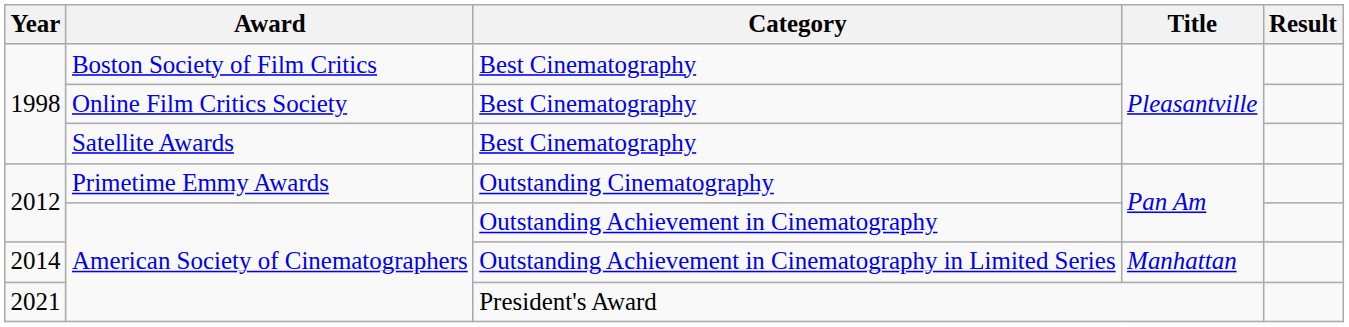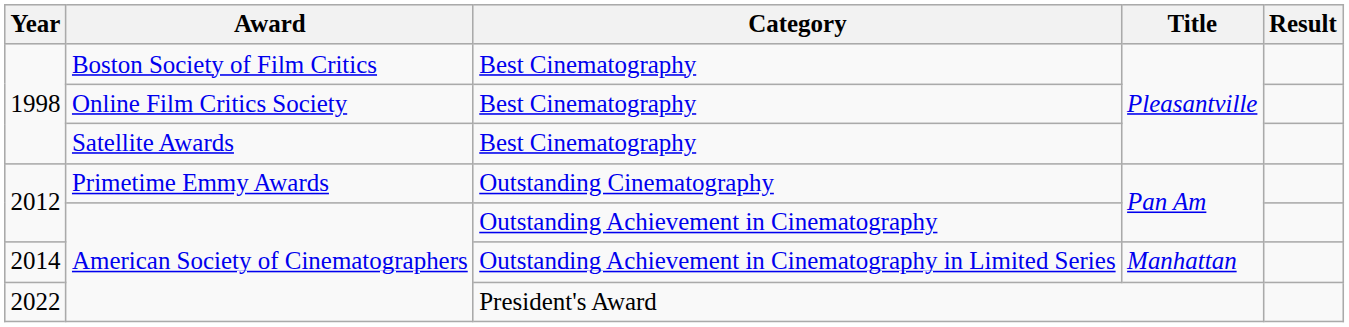 <table class="wikitable">
 <tr>
 <th>Year</th>
 <th>Award</th>
 <th>Category</th>
 <th>Title</th>
 <th>Result</th>
 </tr>
 <tr>
 <td rowspan=3>1998</td>
 <td><a href='#'>Boston Society of Film Critics</a></td>
 <td><a href='#'>Best Cinematography</a></td>
 <td rowspan=3><em><a href='#'>Pleasantville</a></em></td>
 <td></td>
 </tr>
 <tr>
 <td><a href='#'>Online Film Critics Society</a></td>
 <td><a href='#'>Best Cinematography</a></td>
 <td></td>
 </tr>
 <tr>
 <td><a href='#'>Satellite Awards</a></td>
 <td><a href='#'>Best Cinematography</a></td>
 <td></td>
 </tr>
 <tr>
 <td rowspan=2>2012</td>
 <td><a href='#'>Primetime Emmy Awards</a></td>
 <td><a href='#'>Outstanding Cinematography</a></td>
 <td rowspan=2><em><a href='#'>Pan Am</a></em></td>
 <td></td>
 </tr>
 <tr>
 <td rowspan=3><a href='#'>American Society of Cinematographers</a></td>
 <td><a href='#'>Outstanding Achievement in Cinematography</a></td>
 <td></td>
 </tr>
 <tr>
 <td>2014</td>
 <td><a href='#'>Outstanding Achievement in Cinematography in Limited Series</a></td>
 <td><em><a href='#'>Manhattan</a></em></td>
 <td></td>
 </tr>
 <tr>
-<td>2021</td>
+<td>2022</td>
 <td colspan=2>President's Award</td>
 <td></td>
 </tr>
 </table>
